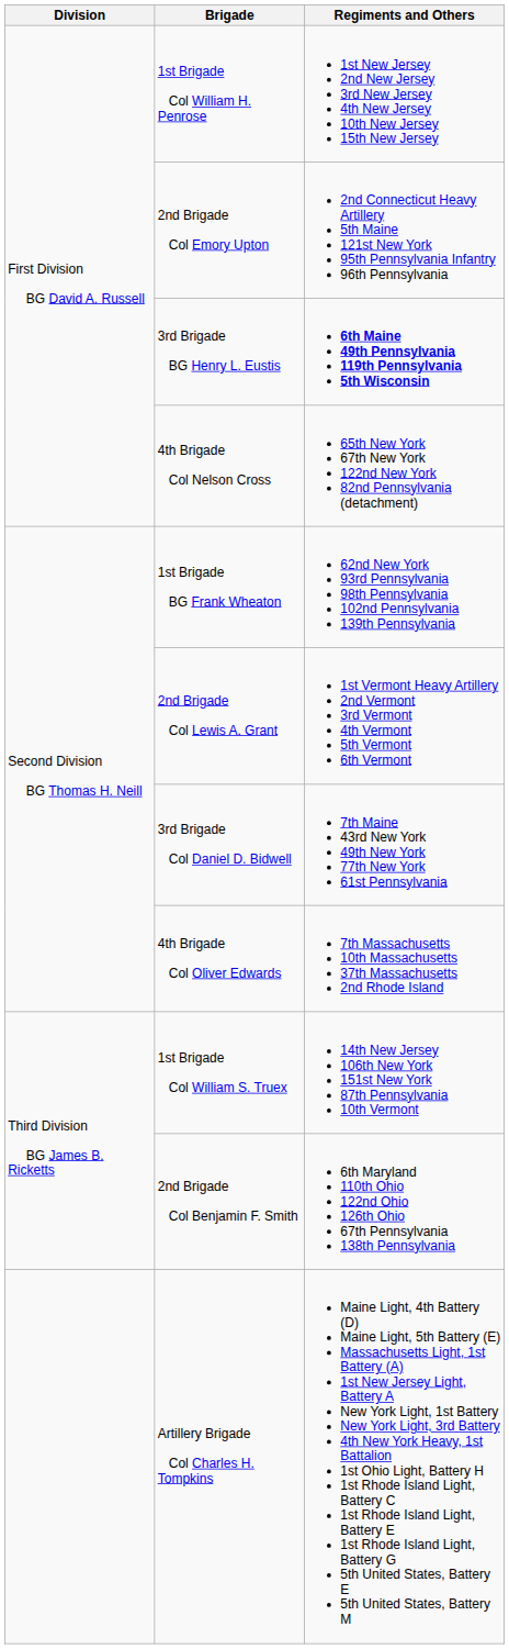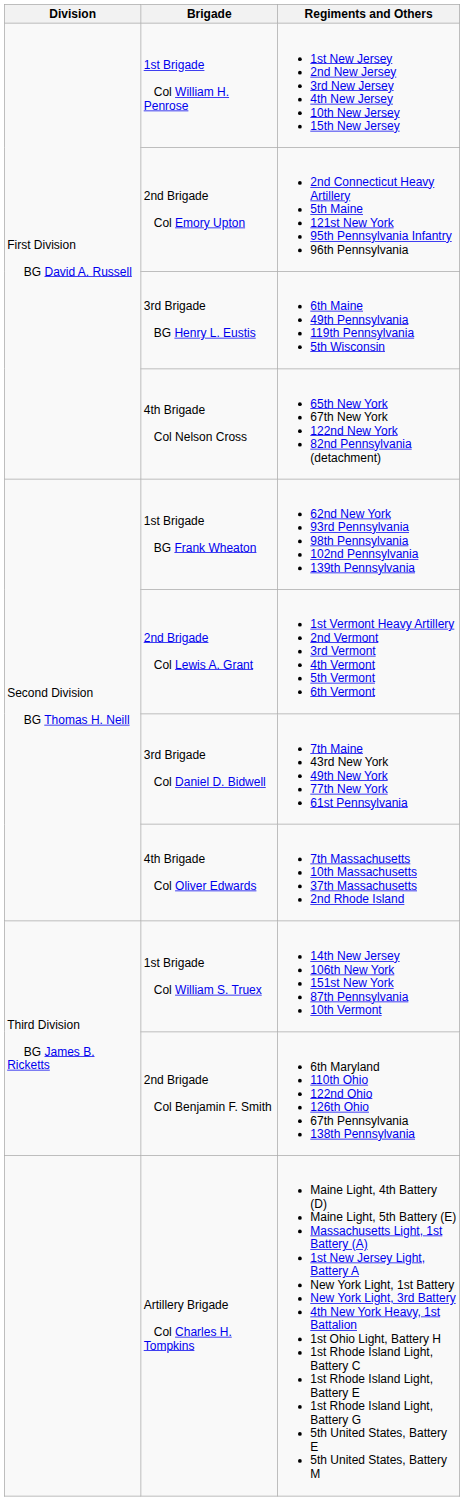 <table class="wikitable">
 <tr>
 <th width=30%>Division</th>
 <th width=30%>Brigade</th>
 <th>Regiments and Others</th>
 </tr>
 <tr>
 <td rowspan=4><br>First Division<br> <br>     BG <a href='#'>David A. Russell</a></td>
 <td><a href='#'>1st Brigade</a><br><br>   Col <a href='#'>William H. Penrose</a></td>
 <td><br><ul><li><a href='#'>1st New Jersey</a></li><li><a href='#'>2nd New Jersey</a></li><li><a href='#'>3rd New Jersey</a></li><li><a href='#'>4th New Jersey</a></li><li><a href='#'>10th New Jersey</a></li><li><a href='#'>15th New Jersey</a></li></ul></td>
 </tr>
 <tr>
 <td>2nd Brigade<br><br>   Col <a href='#'>Emory Upton</a></td>
 <td><br><ul><li><a href='#'>2nd Connecticut Heavy Artillery</a></li><li><a href='#'>5th Maine</a></li><li><a href='#'>121st New York</a></li><li><a href='#'>95th Pennsylvania Infantry</a></li><li>96th Pennsylvania</li></ul></td>
 </tr>
 <tr>
 <td>3rd Brigade<br><br>   BG <a href='#'>Henry L. Eustis</a></td>
-<td><strong><br><ul><li><a href='#'>6th Maine</a></li><li><a href='#'>49th Pennsylvania</a></li><li><a href='#'>119th Pennsylvania</a></li><li><a href='#'>5th Wisconsin</a></li></ul></strong></td>
+<td><br><ul><li><a href='#'>6th Maine</a></li><li><a href='#'>49th Pennsylvania</a></li><li><a href='#'>119th Pennsylvania</a></li><li><a href='#'>5th Wisconsin</a></li></ul></td>
 </tr>
 <tr>
 <td>4th Brigade<br><br>   Col Nelson Cross</td>
 <td><br><ul><li><a href='#'>65th New York</a></li><li>67th New York</li><li><a href='#'>122nd New York</a></li><li><a href='#'>82nd Pennsylvania</a> (detachment)</li></ul></td>
 </tr>
 <tr>
 <td rowspan=4><br>Second Division<br> <br>     BG <a href='#'>Thomas H. Neill</a></td>
 <td>1st Brigade<br><br>   BG <a href='#'>Frank Wheaton</a></td>
 <td><br><ul><li><a href='#'>62nd New York</a></li><li><a href='#'>93rd Pennsylvania</a></li><li><a href='#'>98th Pennsylvania</a></li><li><a href='#'>102nd Pennsylvania</a></li><li><a href='#'>139th Pennsylvania</a></li></ul></td>
 </tr>
 <tr>
 <td><a href='#'>2nd Brigade</a><br><br>   Col <a href='#'>Lewis A. Grant</a></td>
 <td><br><ul><li><a href='#'>1st Vermont Heavy Artillery</a></li><li><a href='#'>2nd Vermont</a></li><li><a href='#'>3rd Vermont</a></li><li><a href='#'>4th Vermont</a></li><li><a href='#'>5th Vermont</a></li><li><a href='#'>6th Vermont</a></li></ul></td>
 </tr>
 <tr>
 <td>3rd Brigade<br><br>   Col <a href='#'>Daniel D. Bidwell</a></td>
 <td><br><ul><li><a href='#'>7th Maine</a></li><li>43rd New York</li><li><a href='#'>49th New York</a></li><li><a href='#'>77th New York</a></li><li><a href='#'>61st Pennsylvania</a></li></ul></td>
 </tr>
 <tr>
 <td>4th Brigade<br><br>   Col <a href='#'>Oliver Edwards</a></td>
 <td><br><ul><li><a href='#'>7th Massachusetts</a></li><li><a href='#'>10th Massachusetts</a></li><li><a href='#'>37th Massachusetts</a></li><li><a href='#'>2nd Rhode Island</a></li></ul></td>
 </tr>
 <tr>
 <td rowspan=2><br>Third Division<br> <br>     BG <a href='#'>James B. Ricketts</a></td>
 <td>1st Brigade<br><br>   Col <a href='#'>William S. Truex</a></td>
 <td><br><ul><li><a href='#'>14th New Jersey</a></li><li><a href='#'>106th New York</a></li><li><a href='#'>151st New York</a></li><li><a href='#'>87th Pennsylvania</a></li><li><a href='#'>10th Vermont</a></li></ul></td>
 </tr>
 <tr>
 <td>2nd Brigade<br><br>   Col Benjamin F. Smith</td>
 <td><br><ul><li>6th Maryland</li><li><a href='#'>110th Ohio</a></li><li><a href='#'>122nd Ohio</a></li><li><a href='#'>126th Ohio</a></li><li>67th Pennsylvania</li><li><a href='#'>138th Pennsylvania</a></li></ul></td>
 </tr>
 <tr>
 <td></td>
 <td>Artillery Brigade<br><br>   Col <a href='#'>Charles H. Tompkins</a></td>
 <td><br><ul><li>Maine Light, 4th Battery (D)</li><li>Maine Light, 5th Battery (E)</li><li><a href='#'>Massachusetts Light, 1st Battery (A)</a></li><li><a href='#'>1st New Jersey Light, Battery A</a></li><li>New York Light, 1st Battery</li><li><a href='#'>New York Light, 3rd Battery</a></li><li><a href='#'>4th New York Heavy, 1st Battalion</a></li><li>1st Ohio Light, Battery H</li><li>1st Rhode Island Light, Battery C</li><li>1st Rhode Island Light, Battery E</li><li>1st Rhode Island Light, Battery G</li><li>5th United States, Battery E</li><li>5th United States, Battery M</li></ul></td>
 </tr>
 </table>
